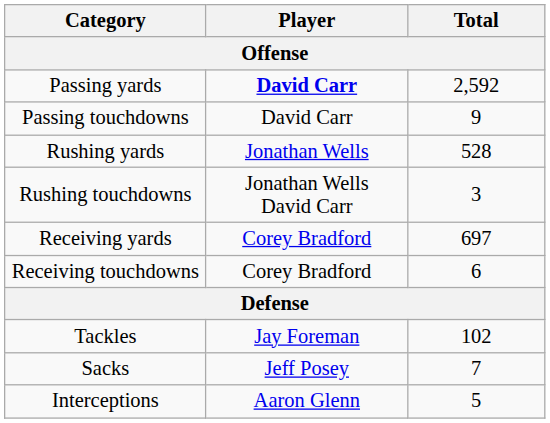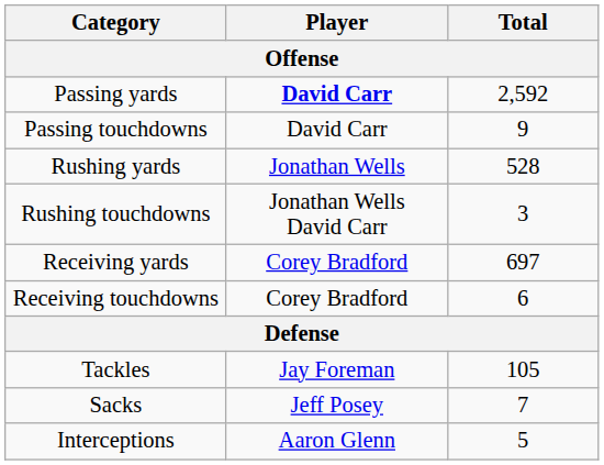 <table class="wikitable" style="text-align:center">
 <tr>
 <th width="150">Category</th>
 <th width="150">Player</th>
 <th width="100">Total</th>
 </tr>
 <tr>
 <th align="center" colspan="4">Offense</th>
 </tr>
 <tr>
 <td>Passing yards</td>
 <td><strong><a href='#'>David Carr</a></strong></td>
 <td>2,592</td>
 </tr>
 <tr>
 <td>Passing touchdowns</td>
 <td>David Carr</td>
 <td>9</td>
 </tr>
 <tr>
 <td>Rushing yards</td>
 <td><a href='#'>Jonathan Wells</a></td>
 <td>528</td>
 </tr>
 <tr>
 <td>Rushing touchdowns</td>
 <td>Jonathan Wells<br>David Carr</td>
 <td>3</td>
 </tr>
 <tr>
 <td>Receiving yards</td>
 <td><a href='#'>Corey Bradford</a></td>
 <td>697</td>
 </tr>
 <tr>
 <td>Receiving touchdowns</td>
 <td>Corey Bradford</td>
 <td>6</td>
 </tr>
 <tr>
 <th align="center" colspan="4">Defense</th>
 </tr>
 <tr>
 <td>Tackles </td>
 <td><a href='#'>Jay Foreman</a></td>
-<td>102</td>
+<td>105</td>
 </tr>
 <tr>
 <td>Sacks</td>
 <td><a href='#'>Jeff Posey</a></td>
 <td>7</td>
 </tr>
 <tr>
 <td>Interceptions</td>
 <td><a href='#'>Aaron Glenn</a></td>
 <td>5</td>
 </tr>
 </table>
